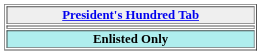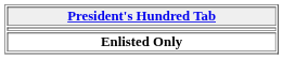 <table align="center" border="1"  cellpadding="1" width="25%">
 <tr>
 <th width="50%" style="background:#efefef;"><a href='#'>President's Hundred Tab</a></th>
 </tr>
 <tr>
 <td></td>
 </tr>
 <tr>
-<td style="background: paleturquoise; text-align:center;"><strong>Enlisted Only</strong></td>
+<td style="text-align:center;"><strong>Enlisted Only</strong></td>
 </tr>
 </table>
